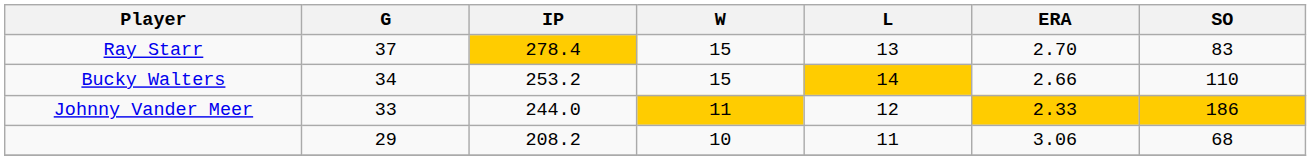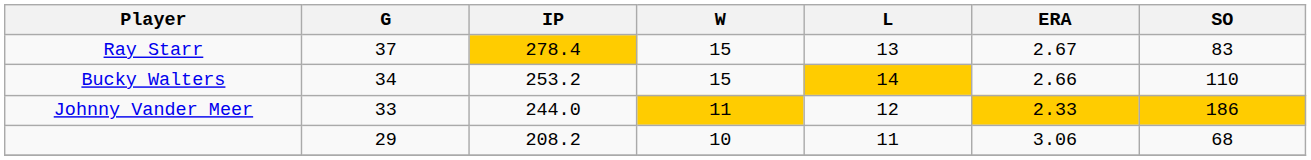 <table class="wikitable sortable">
 <tr>
 <th bgcolor="#DDDDFF" width="16%">Player</th>
 <th bgcolor="#DDDDFF" width="9%">G</th>
 <th bgcolor="#DDDDFF" width="9%">IP</th>
 <th bgcolor="#DDDDFF" width="9%">W</th>
 <th bgcolor="#DDDDFF" width="9%">L</th>
 <th bgcolor="#DDDDFF" width="9%">ERA</th>
 <th bgcolor="#DDDDFF" width="9%">SO</th>
 </tr>
 <tr align="center">
 <td><a href='#'>Ray Starr</a></td>
 <td>37</td>
 <td style="background:#fc0;">278.4</td>
 <td>15</td>
 <td>13</td>
-<td>2.70</td>
+<td>2.67</td>
 <td>83</td>
 </tr>
 <tr align="center">
 <td><a href='#'>Bucky Walters</a></td>
 <td>34</td>
 <td>253.2</td>
 <td>15</td>
 <td style="background:#fc0;">14</td>
 <td>2.66</td>
 <td>110</td>
 </tr>
 <tr align="center">
 <td><a href='#'>Johnny Vander Meer</a></td>
 <td>33</td>
 <td>244.0</td>
 <td style="background:#fc0;">11</td>
 <td>12</td>
 <td style="background:#fc0;">2.33</td>
 <td style="background:#fc0;">186</td>
 </tr>
 <tr align="center">
 <td></td>
 <td>29</td>
 <td>208.2</td>
 <td>10</td>
 <td>11</td>
 <td>3.06</td>
 <td>68</td>
 </tr>
 <tr align="center">
 </tr>
 </table>
